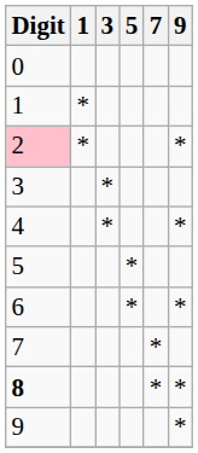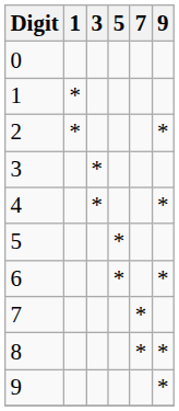 <table class="wikitable">
 <tr>
 <th>Digit</th>
 <th>1</th>
 <th>3</th>
 <th>5</th>
 <th>7</th>
 <th>9</th>
 </tr>
 <tr>
 <td>0</td>
 <td></td>
 <td></td>
 <td></td>
 <td></td>
 <td></td>
 </tr>
 <tr>
 <td>1</td>
 <td>*</td>
 <td></td>
 <td></td>
 <td></td>
 <td></td>
 </tr>
 <tr>
-<td style="background: pink;">2</td>
+<td>2</td>
 <td>*</td>
 <td></td>
 <td></td>
 <td></td>
 <td>*</td>
 </tr>
 <tr>
 <td>3</td>
 <td></td>
 <td>*</td>
 <td></td>
 <td></td>
 <td></td>
 </tr>
 <tr>
 <td>4</td>
 <td></td>
 <td>*</td>
 <td></td>
 <td></td>
 <td>*</td>
 </tr>
 <tr>
 <td>5</td>
 <td></td>
 <td></td>
 <td>*</td>
 <td></td>
 <td></td>
 </tr>
 <tr>
 <td>6</td>
 <td></td>
 <td></td>
 <td>*</td>
 <td></td>
 <td>*</td>
 </tr>
 <tr>
 <td>7</td>
 <td></td>
 <td></td>
 <td></td>
 <td>*</td>
 <td></td>
 </tr>
 <tr>
-<td><strong>8</strong></td>
+<td>8</td>
 <td></td>
 <td></td>
 <td></td>
 <td>*</td>
 <td>*</td>
 </tr>
 <tr>
 <td>9</td>
 <td></td>
 <td></td>
 <td></td>
 <td></td>
 <td>*</td>
 </tr>
 <tr>
 </tr>
 </table>
